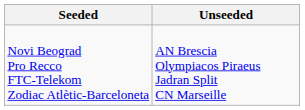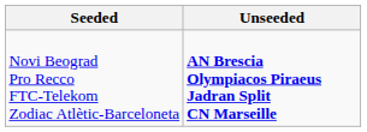 <table class="wikitable collapsible collapsed">
 <tr>
 <th width=50%>Seeded</th>
 <th width=50%>Unseeded</th>
 </tr>
 <tr>
 <td><br> <a href='#'>Novi Beograd</a><br>  <a href='#'>Pro Recco</a><br>  <a href='#'>FTC-Telekom</a><br>  <a href='#'>Zodiac Atlètic-Barceloneta</a></td>
-<td><br> <a href='#'>AN Brescia</a><br>  <a href='#'>Olympiacos Piraeus</a> <br>  <a href='#'>Jadran Split</a><br>  <a href='#'>CN Marseille</a></td>
+<td><strong><br> <a href='#'>AN Brescia</a><br>  <a href='#'>Olympiacos Piraeus</a> <br>  <a href='#'>Jadran Split</a><br>  <a href='#'>CN Marseille</a></strong></td>
 </tr>
 </table>
